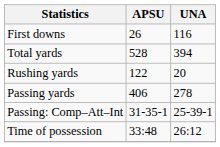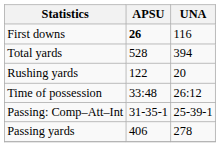 <table class="wikitable" style="float: left;">
 <tr>
 <th>Statistics</th>
 <th>APSU</th>
 <th>UNA</th>
 </tr>
 <tr>
 <td>First downs</td>
-<td>26</td>
+<td><strong>26</strong></td>
 <td>116</td>
 </tr>
 <tr>
 <td>Total yards</td>
 <td>528</td>
 <td>394</td>
 </tr>
 <tr>
 <td>Rushing yards</td>
 <td>122</td>
 <td>20</td>
 </tr>
 <tr>
-<td>Passing yards</td>
-<td>406</td>
-<td>278</td>
+<td>Time of possession</td>
+<td>33:48</td>
+<td>26:12</td>
 </tr>
 <tr>
 <td>Passing: Comp–Att–Int</td>
 <td>31-35-1</td>
 <td>25-39-1</td>
 </tr>
 <tr>
-<td>Time of possession</td>
-<td>33:48</td>
-<td>26:12</td>
+<td>Passing yards</td>
+<td>406</td>
+<td>278</td>
 </tr>
 <tr>
 </tr>
 </table>
